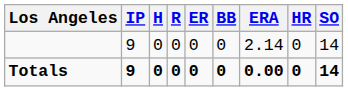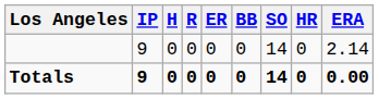 <table class="wikitable sortable">
 <tr>
 <th>Los Angeles</th>
 <th><a href='#'>IP</a></th>
 <th><a href='#'>H</a></th>
 <th><a href='#'>R</a></th>
 <th><a href='#'>ER</a></th>
 <th><a href='#'>BB</a></th>
+<th><a href='#'>SO</a></th>
+<th><a href='#'>HR</a></th>
 <th><a href='#'>ERA</a></th>
-<th><a href='#'>HR</a></th>
-<th><a href='#'>SO</a></th>
 </tr>
 <tr>
 <td></td>
 <td>9</td>
 <td>0</td>
 <td>0</td>
 <td>0</td>
 <td>0</td>
+<td>14</td>
+<td>0</td>
 <td>2.14</td>
-<td>0</td>
-<td>14</td>
 </tr>
 <tr class="sortbottom">
 <td><strong>Totals</strong></td>
 <td><strong>9</strong></td>
 <td><strong>0</strong></td>
 <td><strong>0</strong></td>
 <td><strong>0</strong></td>
 <td><strong>0</strong></td>
+<td><strong>14</strong></td>
+<td><strong>0</strong></td>
 <td><strong>0.00</strong></td>
-<td><strong>0</strong></td>
-<td><strong>14</strong></td>
 </tr>
 </table>
